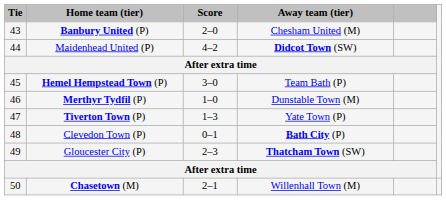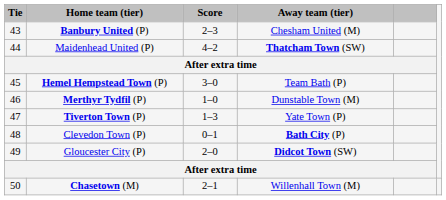 <table class="wikitable" style="width: 600px; background:WhiteSmoke; text-align:center; font-size:90%">
 <tr>
 <td scope="col" style="width:  5.00%; background:silver;"><strong>Tie</strong></td>
 <td scope="col" style="width: 36.25%; background:silver;"><strong>Home team (tier)</strong></td>
 <td scope="col" style="width: 12.50%; background:silver;"><strong>Score</strong></td>
 <td scope="col" style="width: 36.25%; background:silver;"><strong>Away team (tier)</strong></td>
 <td scope="col" style="width: 10.00%; background:silver;"><strong></strong></td>
 </tr>
 <tr>
 <td>43</td>
 <td><strong><a href='#'>Banbury United</a></strong> (P)</td>
-<td>2–0</td>
+<td>2–3</td>
 <td><a href='#'>Chesham United</a> (M)</td>
 <td></td>
 </tr>
 <tr>
 <td>44</td>
 <td><a href='#'>Maidenhead United</a> (P)</td>
 <td>4–2</td>
-<td><strong><a href='#'>Didcot Town</a></strong> (SW)</td>
+<td><strong><a href='#'>Thatcham Town</a></strong> (SW)</td>
 <td></td>
 </tr>
 <tr>
 <th colspan="5">After extra time</th>
 </tr>
 <tr>
 <td>45</td>
 <td><strong><a href='#'>Hemel Hempstead Town</a></strong> (P)</td>
 <td>3–0</td>
 <td><a href='#'>Team Bath</a> (P)</td>
 <td></td>
 </tr>
 <tr>
 <td>46</td>
 <td><strong><a href='#'>Merthyr Tydfil</a></strong> (P)</td>
 <td>1–0</td>
 <td><a href='#'>Dunstable Town</a> (M)</td>
 <td></td>
 </tr>
 <tr>
 <td>47</td>
 <td><strong><a href='#'>Tiverton Town</a> </strong> (P)</td>
 <td>1–3</td>
 <td><a href='#'>Yate Town</a> (P)</td>
 <td></td>
 </tr>
 <tr>
 <td>48</td>
 <td><a href='#'>Clevedon Town</a> (P)</td>
 <td>0–1</td>
 <td><strong><a href='#'>Bath City</a> </strong> (P)</td>
 <td></td>
 </tr>
 <tr>
 <td>49</td>
 <td><a href='#'>Gloucester City</a> (P)</td>
-<td>2–3</td>
-<td><strong><a href='#'>Thatcham Town</a></strong> (SW)</td>
+<td>2–0</td>
+<td><strong><a href='#'>Didcot Town</a></strong> (SW)</td>
 <td></td>
 </tr>
 <tr>
 <th colspan="5">After extra time</th>
 </tr>
 <tr>
 <td>50</td>
 <td><strong><a href='#'>Chasetown</a></strong> (M)</td>
 <td>2–1</td>
 <td><a href='#'>Willenhall Town</a> (M)</td>
 <td></td>
 <td></td>
 </tr>
 </table>
